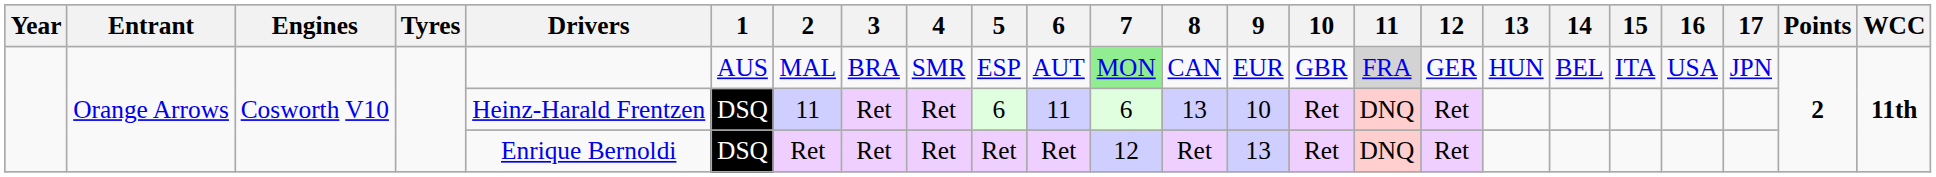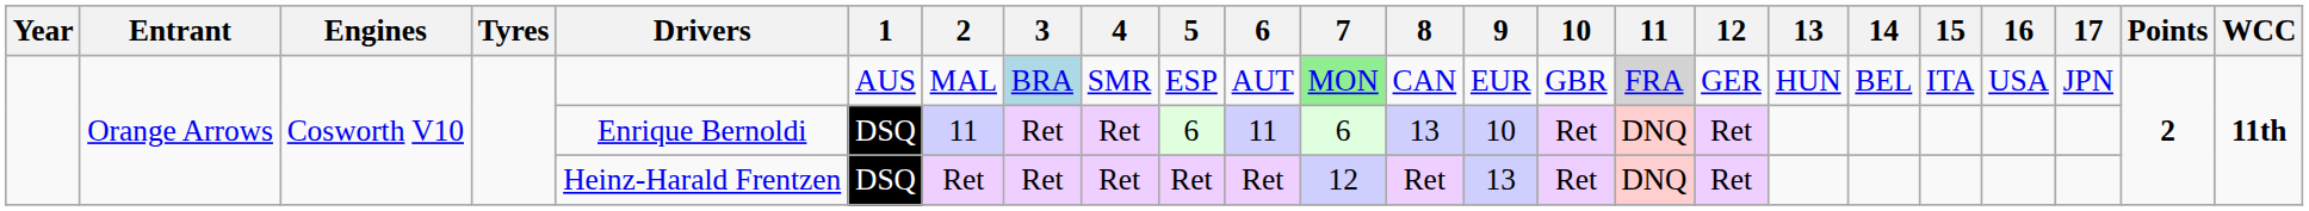 <table class="wikitable" style="text-align:center; font-size:95%">
 <tr>
 <th>Year</th>
 <th>Entrant</th>
 <th>Engines</th>
 <th>Tyres</th>
 <th>Drivers</th>
 <th>1</th>
 <th>2</th>
 <th>3</th>
 <th>4</th>
 <th>5</th>
 <th>6</th>
 <th>7</th>
 <th>8</th>
 <th>9</th>
 <th>10</th>
 <th>11</th>
 <th>12</th>
 <th>13</th>
 <th>14</th>
 <th>15</th>
 <th>16</th>
 <th>17</th>
 <th>Points</th>
 <th>WCC</th>
 </tr>
 <tr>
 <td rowspan="3"></td>
 <td rowspan="3"><a href='#'>Orange Arrows</a></td>
 <td rowspan="3"><a href='#'>Cosworth</a> <a href='#'>V10</a></td>
 <td rowspan="3"></td>
 <td></td>
 <td><a href='#'>AUS</a></td>
 <td><a href='#'>MAL</a></td>
-<td><a href='#'>BRA</a></td>
+<td style="background: lightblue;"><a href='#'>BRA</a></td>
 <td><a href='#'>SMR</a></td>
 <td><a href='#'>ESP</a></td>
 <td><a href='#'>AUT</a></td>
 <td style="background: lightgreen;"><a href='#'>MON</a></td>
 <td><a href='#'>CAN</a></td>
 <td><a href='#'>EUR</a></td>
 <td><a href='#'>GBR</a></td>
 <td style="background: lightgrey;"><a href='#'>FRA</a></td>
 <td><a href='#'>GER</a></td>
 <td><a href='#'>HUN</a></td>
 <td><a href='#'>BEL</a></td>
 <td><a href='#'>ITA</a></td>
 <td><a href='#'>USA</a></td>
 <td><a href='#'>JPN</a></td>
 <td rowspan="3"><strong>2</strong></td>
 <td rowspan="3"><strong>11th</strong></td>
 </tr>
 <tr>
-<td> <a href='#'>Heinz-Harald Frentzen</a></td>
+<td> <a href='#'>Enrique Bernoldi</a></td>
 <td style="background:#000000; color:white">DSQ</td>
 <td style="background:#CFCFFF;">11</td>
 <td style="background:#EFCFFF;">Ret</td>
 <td style="background:#EFCFFF;">Ret</td>
 <td style="background:#DFFFDF;">6</td>
 <td style="background:#CFCFFF;">11</td>
 <td style="background:#DFFFDF;">6</td>
 <td style="background:#CFCFFF;">13</td>
 <td style="background:#CFCFFF;">10</td>
 <td style="background:#EFCFFF;">Ret</td>
 <td style="background:#FFCFCF;">DNQ</td>
 <td style="background:#EFCFFF;">Ret</td>
 <td></td>
 <td></td>
 <td></td>
 <td></td>
 <td></td>
 </tr>
 <tr>
-<td> <a href='#'>Enrique Bernoldi</a></td>
+<td> <a href='#'>Heinz-Harald Frentzen</a></td>
 <td style="background:#000000; color:white">DSQ</td>
 <td style="background:#EFCFFF;">Ret</td>
 <td style="background:#EFCFFF;">Ret</td>
 <td style="background:#EFCFFF;">Ret</td>
 <td style="background:#EFCFFF;">Ret</td>
 <td style="background:#EFCFFF;">Ret</td>
 <td style="background:#CFCFFF;">12</td>
 <td style="background:#EFCFFF;">Ret</td>
 <td style="background:#CFCFFF;">13</td>
 <td style="background:#EFCFFF;">Ret</td>
 <td style="background:#FFCFCF;">DNQ</td>
 <td style="background:#EFCFFF;">Ret</td>
 <td></td>
 <td></td>
 <td></td>
 <td></td>
 <td></td>
 </tr>
 </table>
